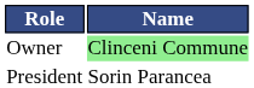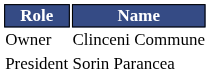 <table class="toccolours">
 <tr>
 <th style="background:#354b85;color:#FFFFFF;border:1px solid #000000;">Role</th>
 <th style="background:#354b85;color:#FFFFFF;border:1px solid #000000;">Name</th>
 </tr>
 <tr>
 <td>Owner</td>
-<td style="background: lightgreen;"> Clinceni Commune</td>
+<td> Clinceni Commune</td>
 </tr>
 <tr>
 <td>President</td>
 <td> Sorin Parancea</td>
 <td></td>
 </tr>
 </table>
